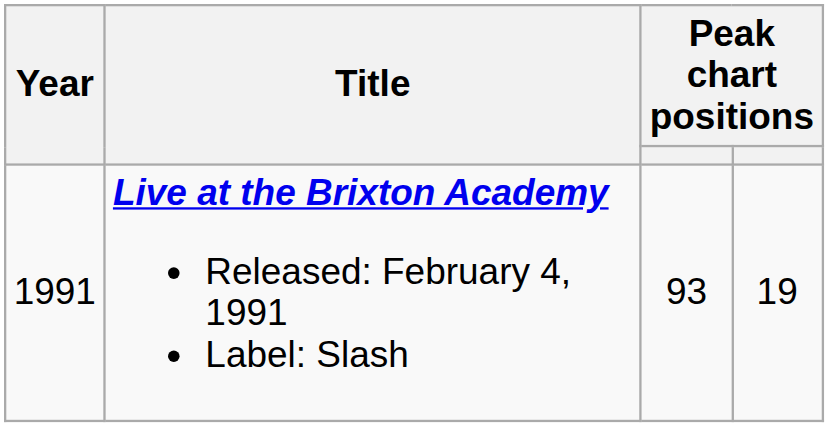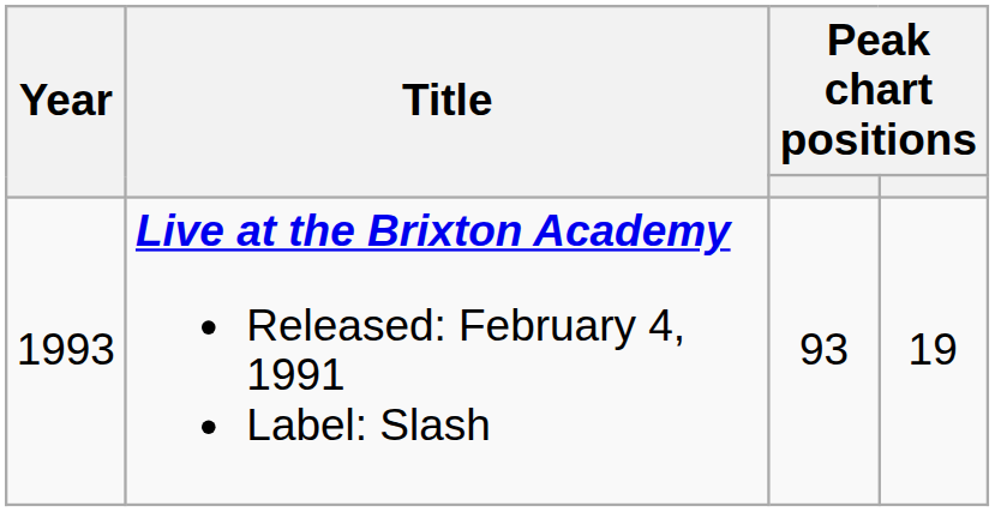 <table class=wikitable style=text-align:center;>
 <tr>
 <th rowspan="2" style="width:25px;">Year</th>
 <th rowspan="2" style="width:225px;">Title</th>
 <th colspan=2>Peak chart positions</th>
 </tr>
 <tr>
 <th></th>
 <th></th>
 </tr>
 <tr>
-<td>1991</td>
+<td>1993</td>
 <td align=left><strong><em><a href='#'>Live at the Brixton Academy</a></em></strong><br><ul><li>Released: February 4, 1991</li><li>Label: Slash </li></ul></td>
 <td width=25px>93</td>
 <td width=25px>19</td>
 </tr>
 </table>
